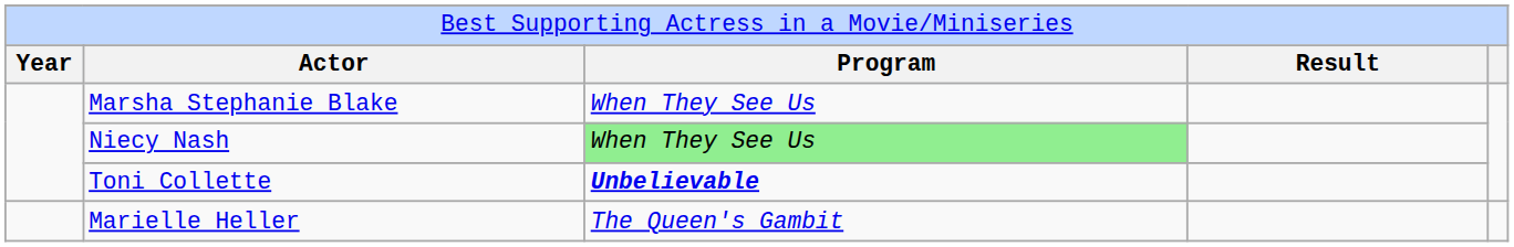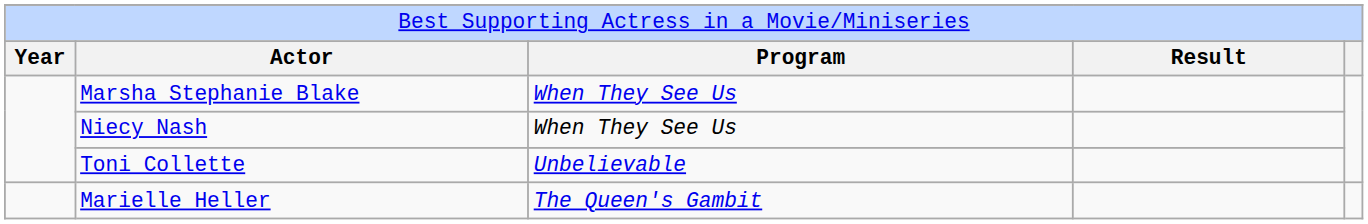 <table class="wikitable plainrowheaders" style="font-size: 90%" width=85%>
 <tr>
 </tr>
 <tr ---- bgcolor="#bfd7ff">
 <td colspan=6 align=center><a href='#'>Best Supporting Actress in a Movie/Miniseries</a></td>
 </tr>
 <tr ---- bgcolor="#ebf5ff">
 <th scope="col" style="width:2%;">Year</th>
 <th scope="col" style="width:25%;">Actor</th>
 <th scope="col" style="width:30%;">Program</th>
 <th scope="col" style="width:15%;">Result</th>
 <th scope="col" class="unsortable" style="width:1%;"></th>
 </tr>
 <tr>
 <td rowspan="3"></td>
 <td><a href='#'>Marsha Stephanie Blake</a></td>
 <td><em><a href='#'>When They See Us</a></em></td>
 <td></td>
 <td rowspan="3"></td>
 </tr>
 <tr>
 <td><a href='#'>Niecy Nash</a></td>
-<td style="background: lightgreen;"><em>When They See Us</em></td>
+<td><em>When They See Us</em></td>
 <td></td>
 </tr>
 <tr>
 <td><a href='#'>Toni Collette</a></td>
-<td><strong><em><a href='#'>Unbelievable</a></em></strong></td>
+<td><em><a href='#'>Unbelievable</a></em></td>
 <td></td>
 </tr>
 <tr>
 <td></td>
 <td><a href='#'>Marielle Heller</a></td>
 <td><em><a href='#'>The Queen's Gambit</a></em></td>
 <td></td>
 <td></td>
 </tr>
 </table>
